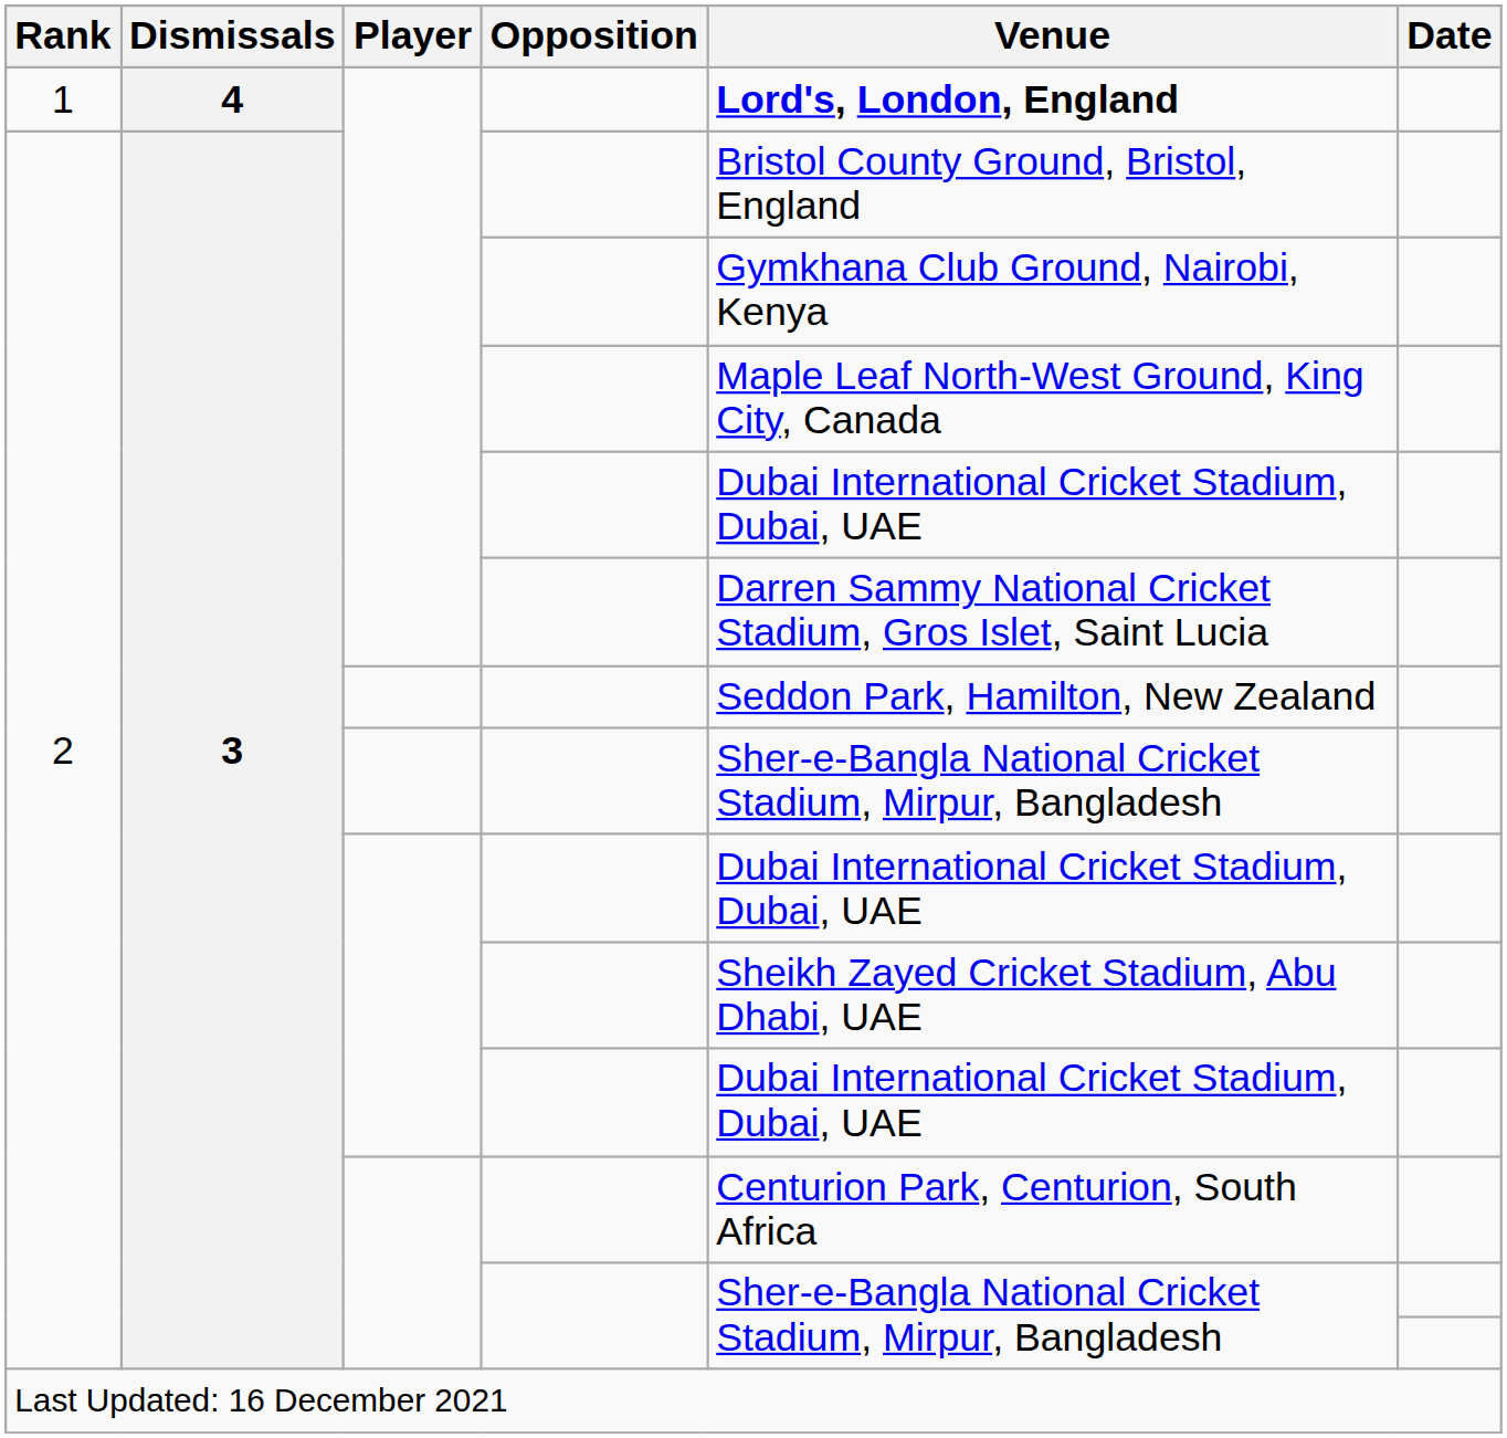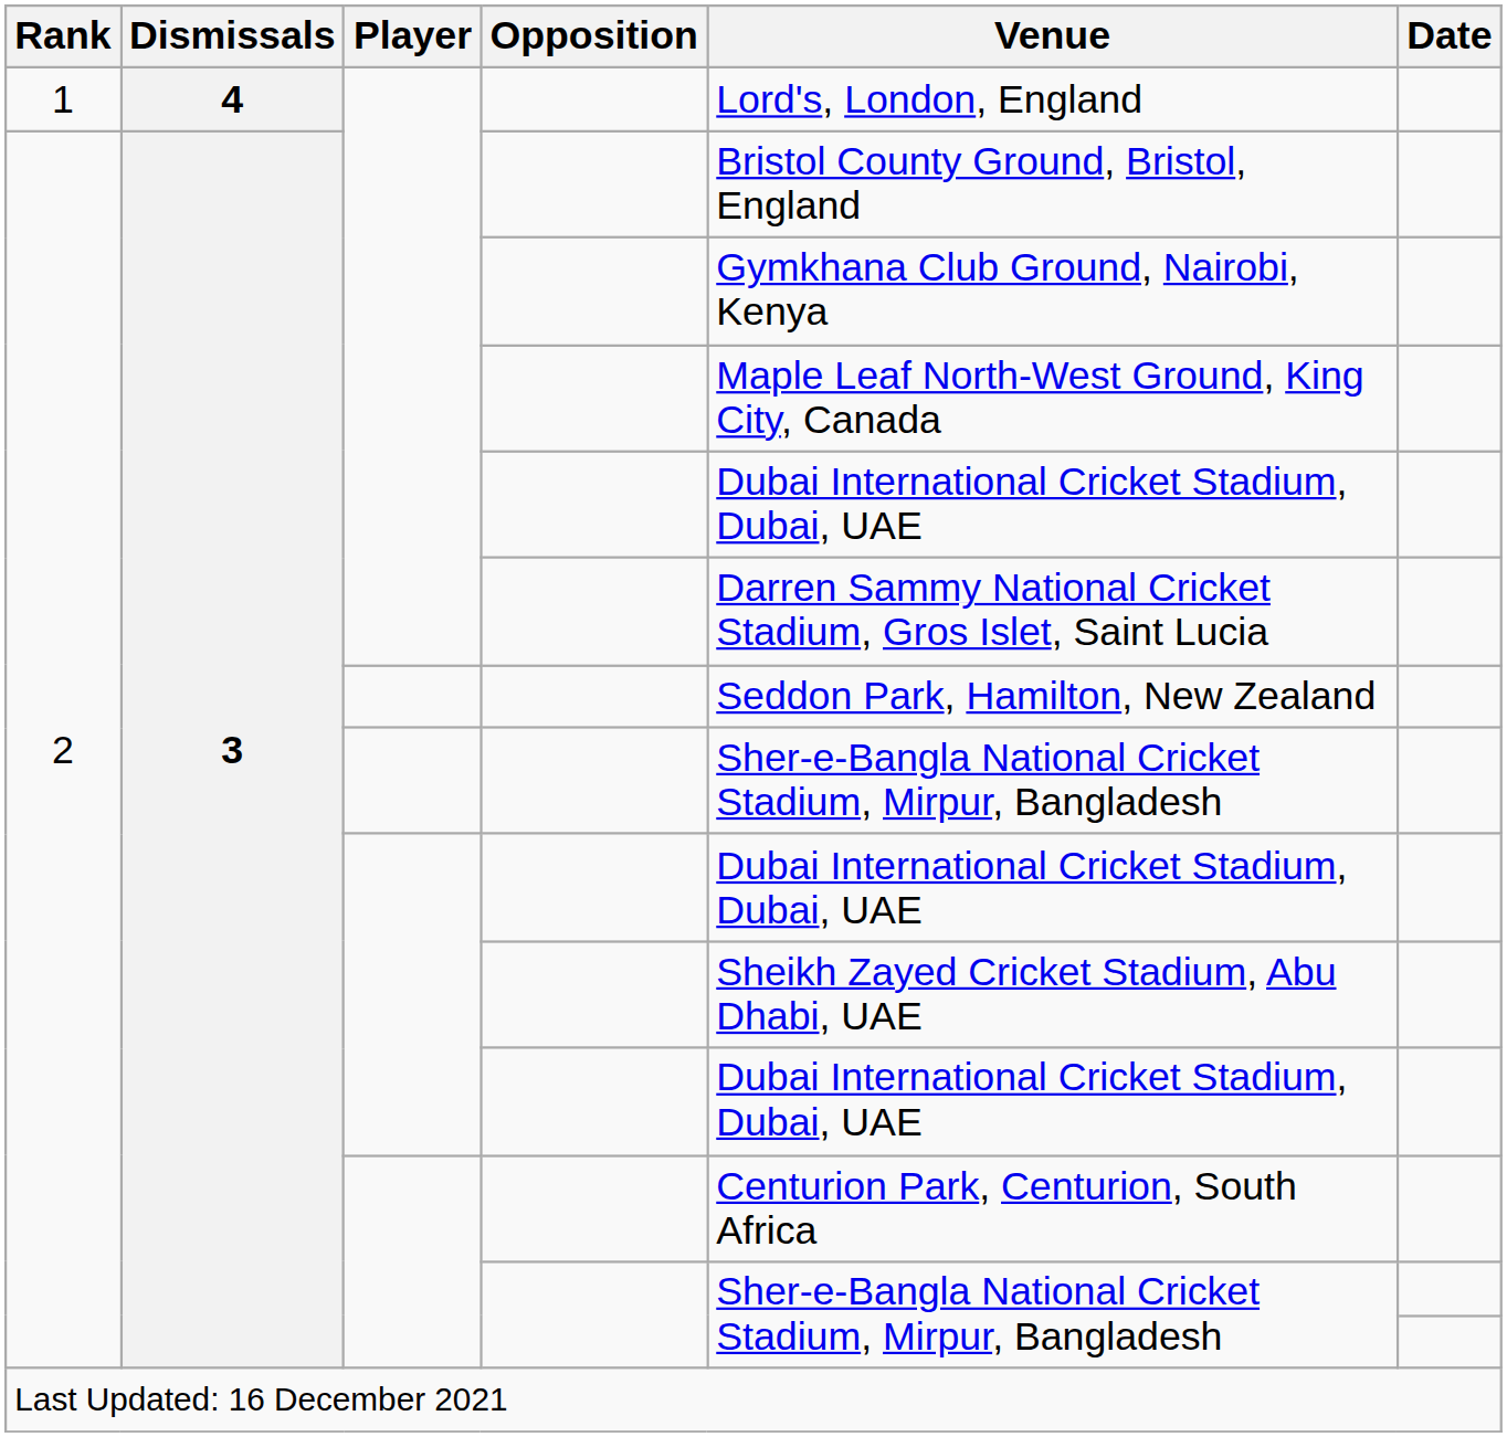 <table class="wikitable plainrowheaders sortable">
 <tr>
 <th scope=col>Rank</th>
 <th scope=col>Dismissals</th>
 <th scope=col>Player</th>
 <th scope=col>Opposition</th>
 <th scope=col>Venue</th>
 <th scope=col>Date</th>
 </tr>
 <tr>
 <td align=center>1</td>
 <th scope=row style=text-align:center;>4</th>
 <td rowspan=6></td>
 <td></td>
-<td><strong><a href='#'>Lord's</a>, <a href='#'>London</a>, England</strong></td>
+<td><a href='#'>Lord's</a>, <a href='#'>London</a>, England</td>
 <td></td>
 </tr>
 <tr>
 <td align=center rowspan=13>2</td>
 <th scope=row style=text-align:center; rowspan=13>3</th>
 <td></td>
 <td><a href='#'>Bristol County Ground</a>, <a href='#'>Bristol</a>, England</td>
 <td></td>
 </tr>
 <tr>
 <td></td>
 <td><a href='#'>Gymkhana Club Ground</a>, <a href='#'>Nairobi</a>, Kenya</td>
 <td></td>
 </tr>
 <tr>
 <td></td>
 <td><a href='#'>Maple Leaf North-West Ground</a>, <a href='#'>King City</a>, Canada</td>
 <td></td>
 </tr>
 <tr>
 <td></td>
 <td><a href='#'>Dubai International Cricket Stadium</a>, <a href='#'>Dubai</a>, UAE</td>
 <td></td>
 </tr>
 <tr>
 <td></td>
 <td><a href='#'>Darren Sammy National Cricket Stadium</a>, <a href='#'>Gros Islet</a>, Saint Lucia</td>
 <td></td>
 </tr>
 <tr>
 <td></td>
 <td></td>
 <td><a href='#'>Seddon Park</a>, <a href='#'>Hamilton</a>, New Zealand</td>
 <td></td>
 </tr>
 <tr>
 <td></td>
 <td></td>
 <td><a href='#'>Sher-e-Bangla National Cricket Stadium</a>, <a href='#'>Mirpur</a>, Bangladesh</td>
 <td></td>
 </tr>
 <tr>
 <td rowspan=3> </td>
 <td></td>
 <td><a href='#'>Dubai International Cricket Stadium</a>, <a href='#'>Dubai</a>, UAE</td>
 <td></td>
 </tr>
 <tr>
 <td></td>
 <td><a href='#'>Sheikh Zayed Cricket Stadium</a>, <a href='#'>Abu Dhabi</a>, UAE</td>
 <td></td>
 </tr>
 <tr>
 <td></td>
 <td><a href='#'>Dubai International Cricket Stadium</a>, <a href='#'>Dubai</a>, UAE</td>
 <td></td>
 </tr>
 <tr>
 <td rowspan=3> </td>
 <td></td>
 <td><a href='#'>Centurion Park</a>, <a href='#'>Centurion</a>, South Africa</td>
 <td></td>
 </tr>
 <tr>
 <td rowspan=2></td>
 <td rowspan=2><a href='#'>Sher-e-Bangla National Cricket Stadium</a>, <a href='#'>Mirpur</a>, Bangladesh</td>
 <td></td>
 </tr>
 <tr>
 <td></td>
 </tr>
 <tr class=sortbottom>
 <td colspan=6><small>Last Updated: 16 December 2021</small></td>
 </tr>
 </table>
